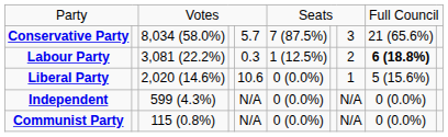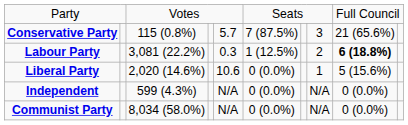 <table class=wikitable style="text-align:center;">
 <tr>
 <td colspan=2>Party</td>
 <td colspan=3>Votes</td>
 <td colspan=3>Seats</td>
 <td colspan=3>Full Council</td>
 </tr>
 <tr>
 <td><strong><a href='#'>Conservative Party</a></strong></td>
 <td style="background:"></td>
-<td>8,034 (58.0%)</td>
+<td>115 (0.8%)</td>
 <td></td>
 <td> 5.7</td>
 <td>7 (87.5%)</td>
 <td></td>
 <td> 3</td>
 <td>21 (65.6%)</td>
 <td></td>
 </tr>
 <tr>
 <td><strong><a href='#'>Labour Party</a></strong></td>
 <td style="background:"></td>
 <td>3,081 (22.2%)</td>
 <td></td>
 <td> 0.3</td>
 <td>1 (12.5%)</td>
 <td></td>
 <td> 2</td>
 <td><strong>6 (18.8%)</strong></td>
 <td></td>
 </tr>
 <tr>
 <td><strong><a href='#'>Liberal Party</a></strong></td>
 <td style="background:"></td>
 <td>2,020 (14.6%)</td>
 <td></td>
 <td> 10.6</td>
 <td>0 (0.0%)</td>
 <td></td>
 <td> 1</td>
 <td>5 (15.6%)</td>
 <td></td>
 </tr>
 <tr>
 <td><strong><a href='#'>Independent</a></strong></td>
 <td style="background:"></td>
 <td>599 (4.3%)</td>
 <td></td>
 <td>N/A</td>
 <td>0 (0.0%)</td>
 <td></td>
 <td>N/A</td>
 <td>0 (0.0%)</td>
 <td></td>
 </tr>
 <tr>
 <td><strong><a href='#'>Communist Party</a></strong></td>
 <td style="background:"></td>
-<td>115 (0.8%)</td>
+<td>8,034 (58.0%)</td>
 <td></td>
 <td>N/A</td>
 <td>0 (0.0%)</td>
 <td></td>
 <td>N/A</td>
 <td>0 (0.0%)</td>
 <td></td>
 </tr>
 </table>
